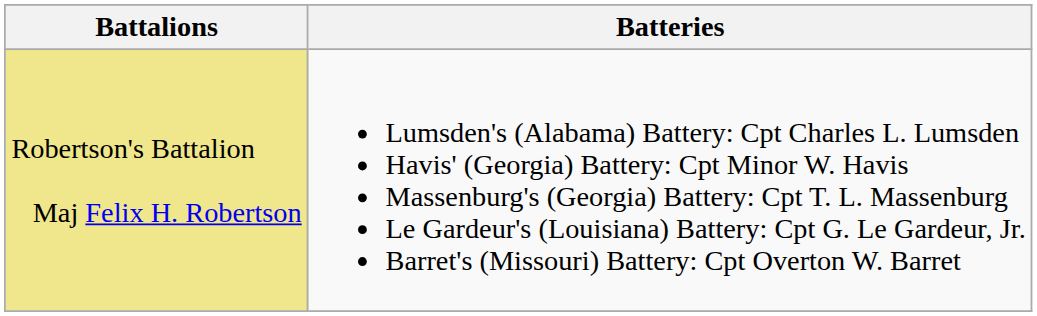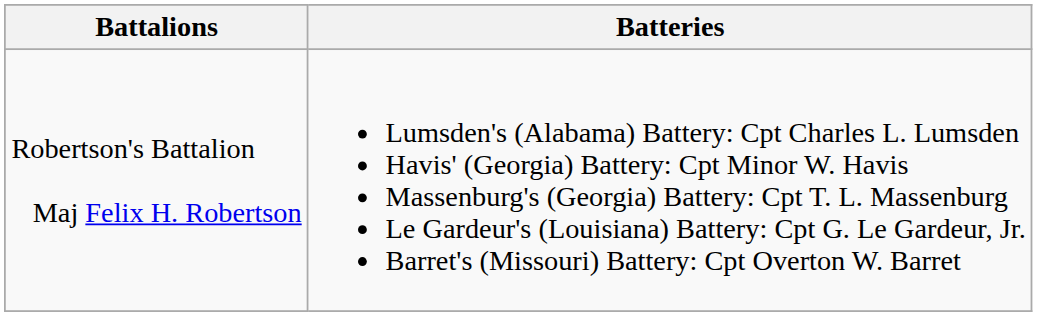 <table class="wikitable">
 <tr>
 <th><strong>Battalions</strong></th>
 <th><strong>Batteries</strong></th>
 </tr>
 <tr>
-<td style="background: khaki;">Robertson's Battalion<br><br>   Maj <a href='#'>Felix H. Robertson</a></td>
+<td>Robertson's Battalion<br><br>   Maj <a href='#'>Felix H. Robertson</a></td>
 <td><br><ul><li>Lumsden's (Alabama) Battery: Cpt Charles L. Lumsden</li><li>Havis' (Georgia) Battery: Cpt Minor W. Havis</li><li>Massenburg's (Georgia) Battery: Cpt T. L. Massenburg</li><li>Le Gardeur's (Louisiana) Battery: Cpt G. Le Gardeur, Jr.</li><li>Barret's (Missouri) Battery: Cpt Overton W. Barret</li></ul></td>
 </tr>
 </table>
